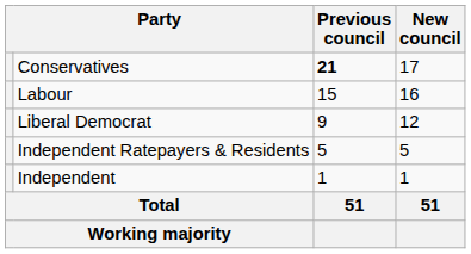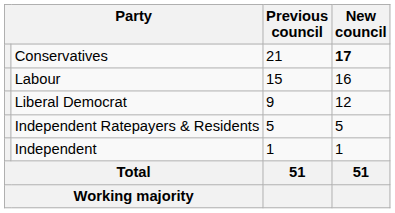 <table class="wikitable">
 <tr>
 <th valign=top colspan="2" style="width: 230px">Party</th>
 <th valign=top style="width: 30px">Previous council</th>
 <th valign=top style="width: 30px">New council</th>
 </tr>
 <tr>
 <th style="background-color: "></th>
 <td>Conservatives</td>
-<td><strong>21</strong></td>
-<td>17</td>
+<td>21</td>
+<td><strong>17</strong></td>
 </tr>
 <tr>
 <th style="background-color: "></th>
 <td>Labour</td>
 <td>15</td>
 <td>16</td>
 </tr>
 <tr>
 <th style="background-color: "></th>
 <td>Liberal Democrat</td>
 <td>9</td>
 <td>12</td>
 </tr>
 <tr>
 <th style="background-color: "></th>
 <td>Independent Ratepayers & Residents</td>
 <td>5</td>
 <td>5</td>
 </tr>
 <tr>
 <th style="background-color: "></th>
 <td>Independent</td>
 <td>1</td>
 <td>1</td>
 </tr>
 <tr>
 <th colspan=2>Total</th>
 <th style="text-align: center">51</th>
 <th colspan=3>51</th>
 </tr>
 <tr>
 <th colspan=2>Working majority</th>
 <th></th>
 <th></th>
 </tr>
 </table>
